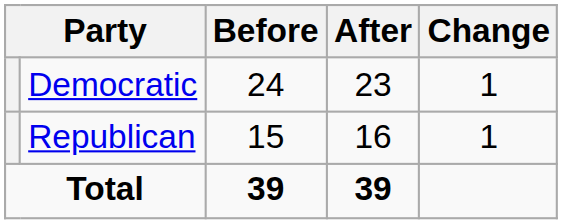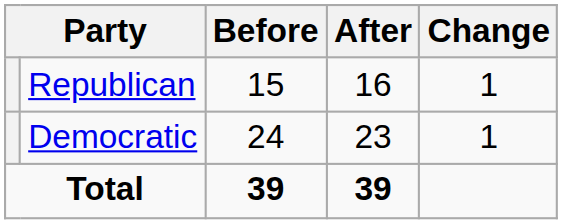 <table class="wikitable" style="text-align:center;">
 <tr>
 <th colspan="2">Party</th>
 <th>Before</th>
 <th>After</th>
 <th>Change</th>
 </tr>
 <tr>
 <th style="background-color:"></th>
-<td style="text-align:left;"><a href='#'>Democratic</a></td>
-<td>24</td>
-<td>23</td>
+<td style="text-align:left;"><a href='#'>Republican</a></td>
+<td>15</td>
+<td>16</td>
 <td> 1</td>
 </tr>
 <tr>
 <th style="background-color:"></th>
-<td style="text-align:left;"><a href='#'>Republican</a></td>
-<td>15</td>
-<td>16</td>
+<td style="text-align:left;"><a href='#'>Democratic</a></td>
+<td>24</td>
+<td>23</td>
 <td> 1</td>
 </tr>
 <tr>
 <td colspan="2"><strong>Total</strong></td>
 <td><strong>39</strong></td>
 <td><strong>39</strong></td>
 </tr>
 </table>
